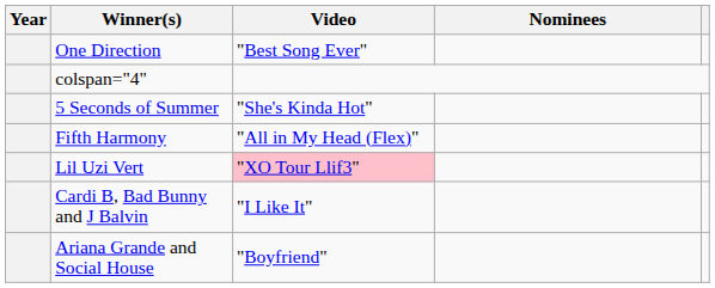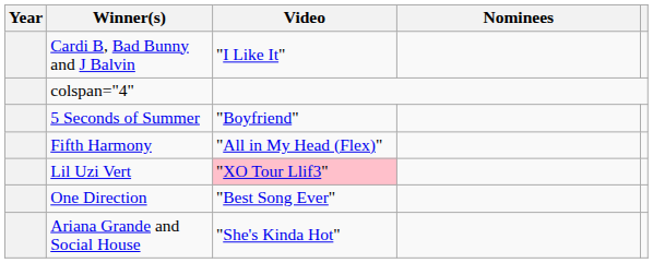 <table class="wikitable sortable">
 <tr>
 <th scope="col">Year</th>
 <th scope="col" style="width:175px;">Winner(s)</th>
 <th scope="col" style="width:200px;">Video</th>
 <th scope="col" style="width:280px;">Nominees</th>
 <th scope="col" class="unsortable"></th>
 </tr>
 <tr>
 <th scope="row"></th>
-<td><a href='#'>One Direction</a></td>
-<td>"<a href='#'>Best Song Ever</a>"</td>
+<td><a href='#'>Cardi B</a>, <a href='#'>Bad Bunny</a> and <a href='#'>J Balvin</a></td>
+<td>"<a href='#'>I Like It</a>"</td>
 <td></td>
 <td align="center"></td>
 </tr>
 <tr>
 <th scope="row"></th>
 <td>colspan="4" </td>
 </tr>
 <tr>
 <th scope="row"></th>
 <td><a href='#'>5 Seconds of Summer</a></td>
-<td>"<a href='#'>She's Kinda Hot</a>"</td>
+<td>"<a href='#'>Boyfriend</a>"</td>
 <td></td>
 <td align="center"></td>
 </tr>
 <tr>
 <th scope="row"></th>
 <td><a href='#'>Fifth Harmony</a> </td>
 <td>"<a href='#'>All in My Head (Flex)</a>"</td>
 <td></td>
 <td align="center"></td>
 </tr>
 <tr>
 <th scope="row"></th>
 <td><a href='#'>Lil Uzi Vert</a></td>
 <td style="background: pink;">"<a href='#'>XO Tour Llif3</a>"</td>
 <td></td>
 <td align="center"></td>
 </tr>
 <tr>
 <th scope="row"></th>
-<td><a href='#'>Cardi B</a>, <a href='#'>Bad Bunny</a> and <a href='#'>J Balvin</a></td>
-<td>"<a href='#'>I Like It</a>"</td>
+<td><a href='#'>One Direction</a></td>
+<td>"<a href='#'>Best Song Ever</a>"</td>
 <td></td>
 <td align="center"></td>
 </tr>
 <tr>
 <th scope="row"></th>
 <td><a href='#'>Ariana Grande</a> and <a href='#'>Social House</a></td>
-<td>"<a href='#'>Boyfriend</a>"</td>
+<td>"<a href='#'>She's Kinda Hot</a>"</td>
 <td></td>
 <td align="center"></td>
 </tr>
 </table>
